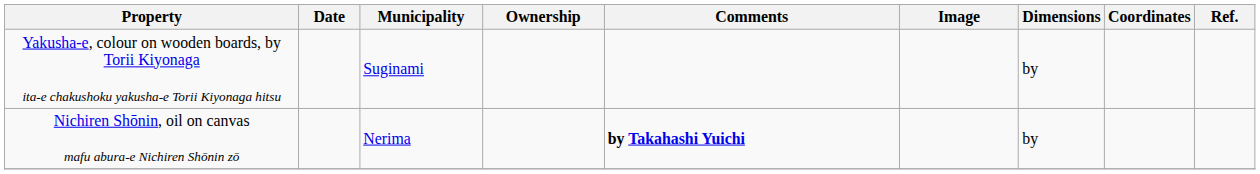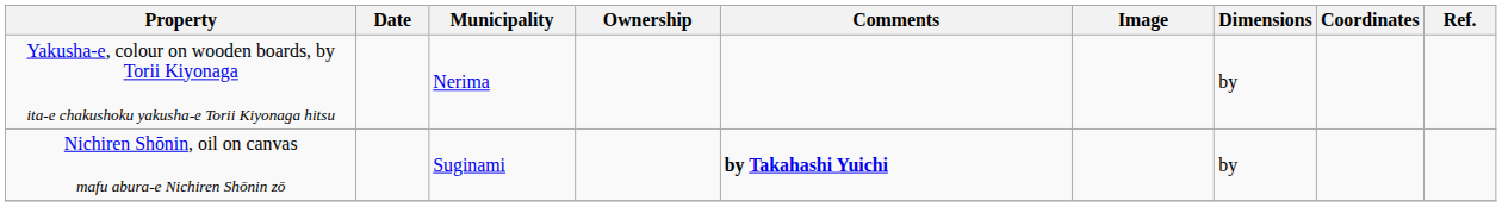 <table class="wikitable sortable"  style="width:100%;">
 <tr>
 <th width="25%" align="left">Property</th>
 <th width="5%" align="left" data-sort-type="number">Date</th>
 <th width="10%" align="left">Municipality</th>
 <th width="10%" align="left">Ownership</th>
 <th width="25%" align="left" class="unsortable">Comments</th>
 <th width="10%" align="left" class="unsortable">Image</th>
 <th width="5%" align="left" class="unsortable">Dimensions</th>
 <th width="5%" align="left" class="unsortable">Coordinates</th>
 <th width="5%" align="left" class="unsortable">Ref.</th>
 </tr>
 <tr>
 <td align="center"><a href='#'>Yakusha-e</a>, colour on wooden boards, by <a href='#'>Torii Kiyonaga</a><br><br><small><em>ita-e chakushoku yakusha-e Torii Kiyonaga hitsu</em></small></td>
 <td></td>
-<td><a href='#'>Suginami</a></td>
+<td><a href='#'>Nerima</a></td>
 <td></td>
 <td></td>
 <td></td>
 <td> by </td>
 <td></td>
 <td></td>
 </tr>
 <tr>
 <td align="center"><a href='#'>Nichiren Shōnin</a>, oil on canvas<br><br><small><em>mafu abura-e Nichiren Shōnin zō</em></small></td>
 <td></td>
-<td><a href='#'>Nerima</a></td>
+<td><a href='#'>Suginami</a></td>
 <td></td>
 <td><strong>by <a href='#'>Takahashi Yuichi</a></strong></td>
 <td></td>
 <td> by </td>
 <td></td>
 <td></td>
 </tr>
 <tr>
 </tr>
 </table>
